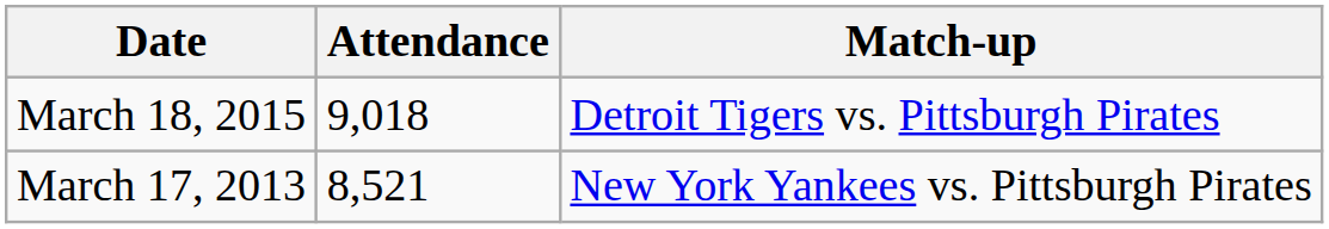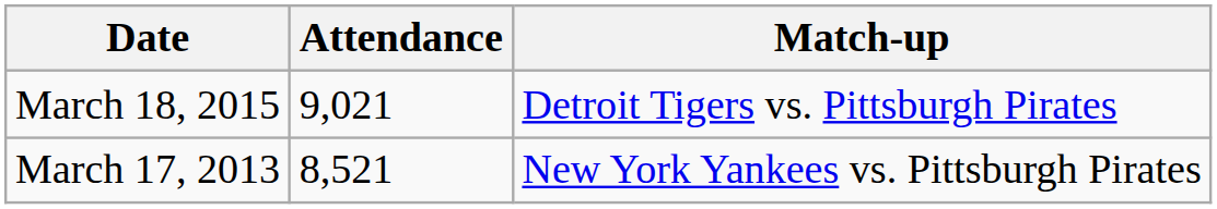 <table class="wikitable">
 <tr>
 <th>Date</th>
 <th>Attendance</th>
 <th>Match-up</th>
 </tr>
 <tr>
 <td>March 18, 2015</td>
-<td>9,018</td>
+<td>9,021</td>
 <td><a href='#'>Detroit Tigers</a> vs. <a href='#'>Pittsburgh Pirates</a></td>
 </tr>
 <tr>
 <td>March 17, 2013</td>
 <td>8,521</td>
 <td><a href='#'>New York Yankees</a> vs. Pittsburgh Pirates</td>
 </tr>
 </table>
